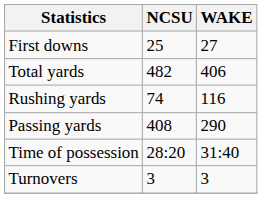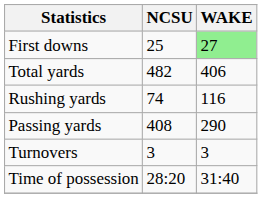 <table class="wikitable">
 <tr>
 <th>Statistics</th>
 <th>NCSU</th>
 <th>WAKE</th>
 </tr>
 <tr>
 <td>First downs</td>
 <td>25</td>
-<td>27</td>
+<td style="background: lightgreen;">27</td>
 </tr>
 <tr>
 <td>Total yards</td>
 <td>482</td>
 <td>406</td>
 </tr>
 <tr>
 <td>Rushing yards</td>
 <td>74</td>
 <td>116</td>
 </tr>
 <tr>
 <td>Passing yards</td>
 <td>408</td>
 <td>290</td>
 </tr>
 <tr>
+<td>Turnovers</td>
+<td>3</td>
+<td>3</td>
+</tr>
+<tr>
 <td>Time of possession</td>
 <td>28:20</td>
 <td>31:40</td>
 </tr>
 <tr>
-<td>Turnovers</td>
-<td>3</td>
-<td>3</td>
-</tr>
-<tr>
 </tr>
 </table>
